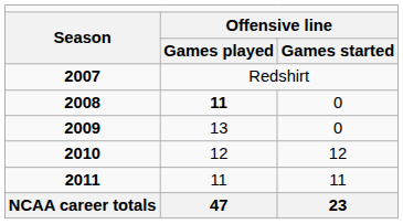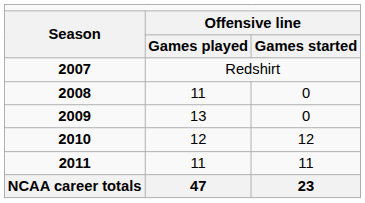 <table class=wikitable style="text-align:center;">
 <tr>
 <td ! colspan="10"></td>
 </tr>
 <tr>
 <th rowspan=2>Season</th>
 <th colspan=2>Offensive line</th>
 </tr>
 <tr>
 <th>Games played</th>
 <th>Games started</th>
 </tr>
 <tr>
 <td><strong>2007</strong></td>
 <td colspan=14 style="text-align:center;">Redshirt</td>
 </tr>
 <tr>
 <td><strong>2008</strong></td>
-<td><strong>11</strong></td>
+<td>11</td>
 <td>0</td>
 </tr>
 <tr>
 <td><strong>2009</strong></td>
 <td>13</td>
 <td>0</td>
 </tr>
 <tr>
 <td><strong>2010</strong></td>
 <td>12</td>
 <td>12</td>
 </tr>
 <tr>
 <td><strong>2011</strong></td>
 <td>11</td>
 <td>11</td>
 </tr>
 <tr>
 <th>NCAA career totals</th>
 <th>47</th>
 <th>23</th>
 </tr>
 </table>
